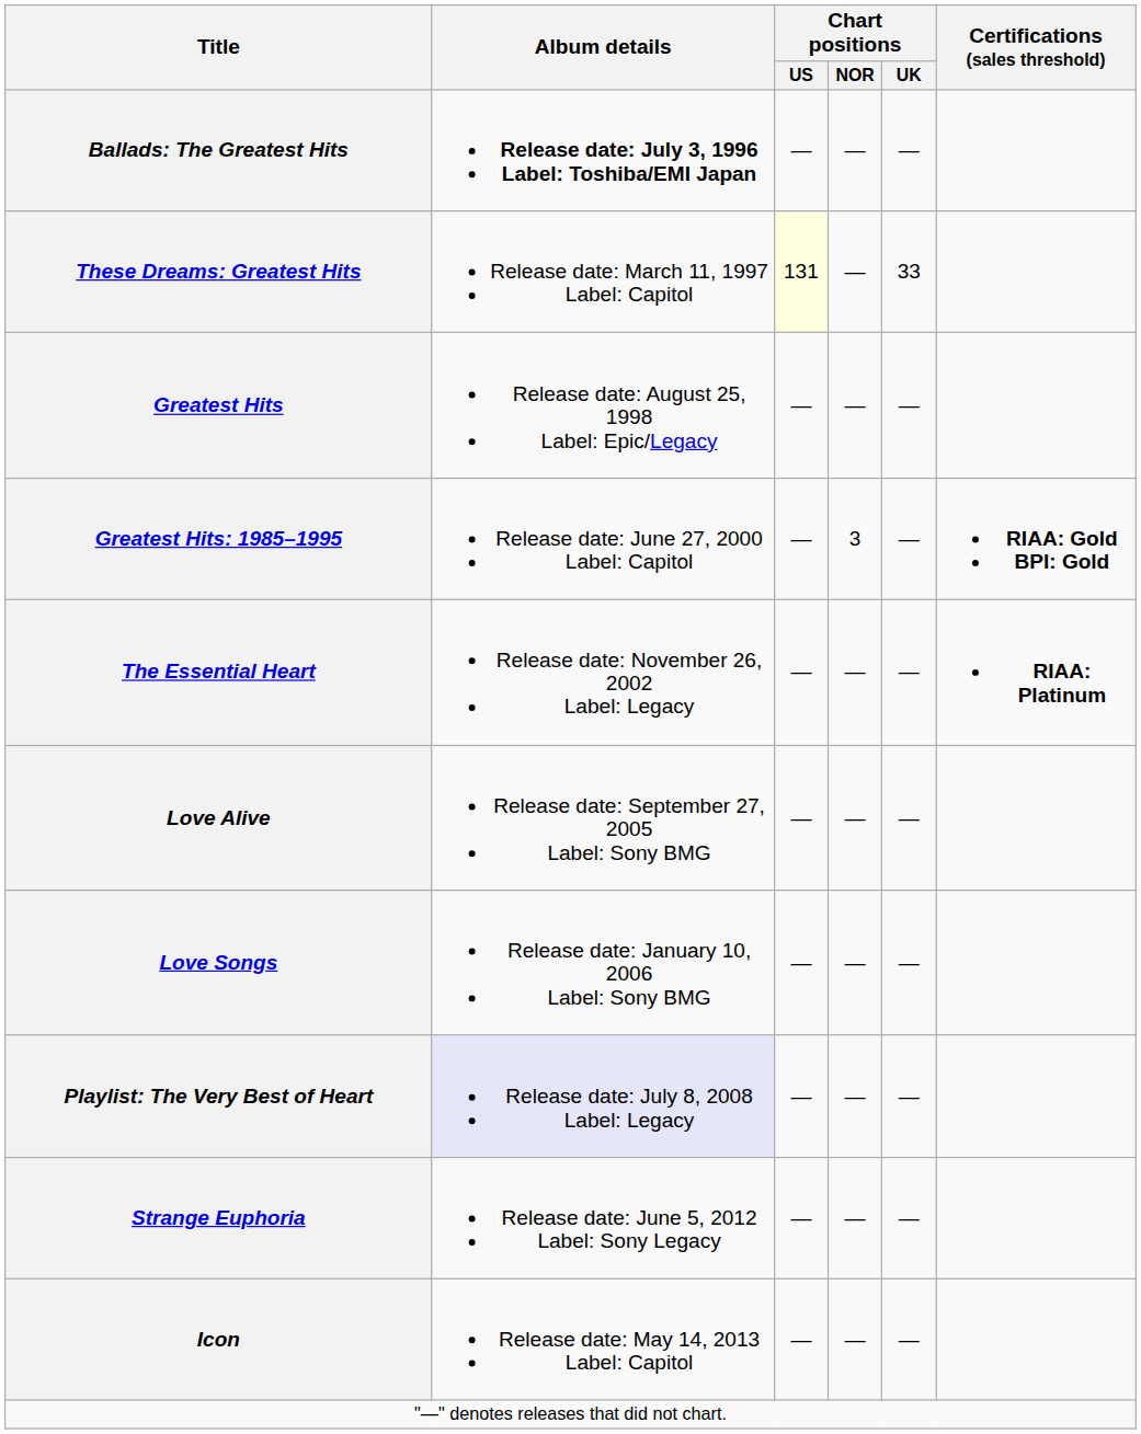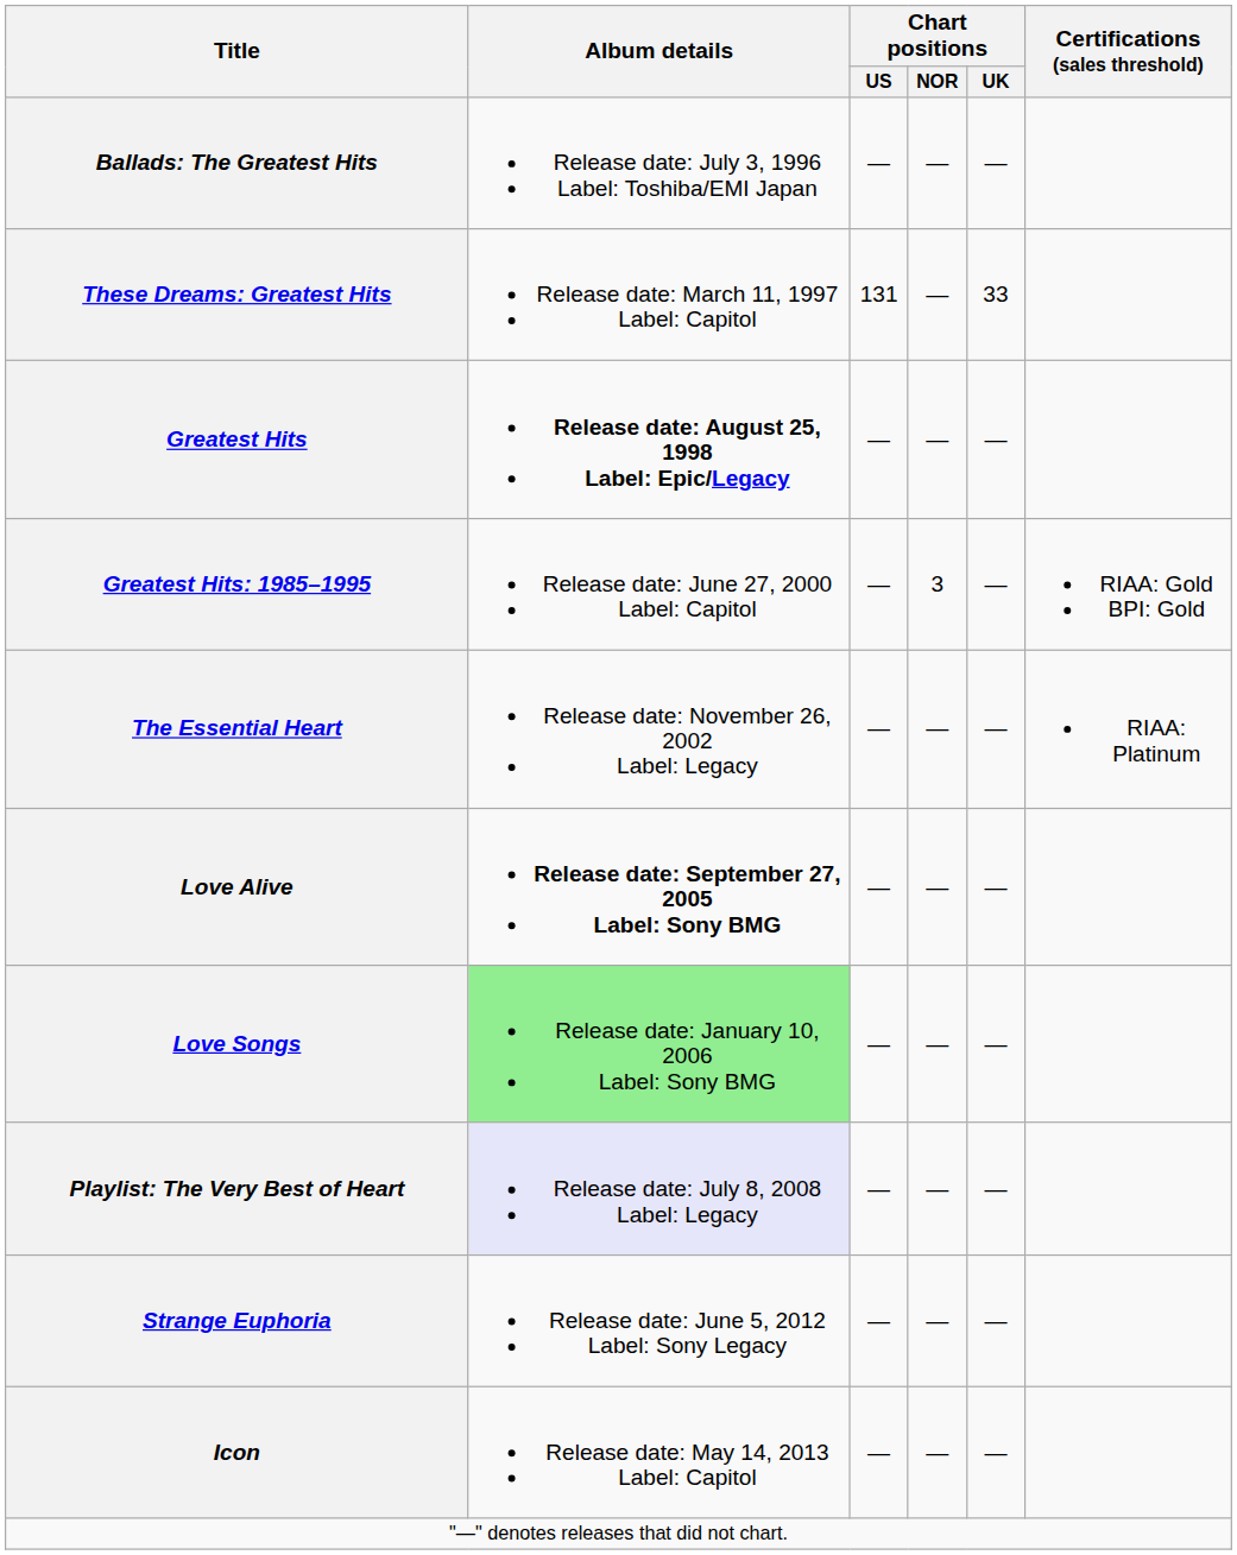 <table class="wikitable plainrowheaders" style="text-align:center;">
 <tr>
 <th scope="col" rowspan="2"  style="width:20em;">Title</th>
 <th scope="col" rowspan="2">Album details</th>
 <th scope="col" colspan="3">Chart positions</th>
 <th scope="col" rowspan="2">Certifications<br><small>(sales threshold)</small></th>
 </tr>
 <tr style="font-size:smaller;">
 <th width="35">US<br></th>
 <th width="35">NOR<br></th>
 <th width="35">UK<br></th>
 </tr>
 <tr>
 <th scope="row"><em>Ballads: The Greatest Hits</em></th>
-<td><strong><br><ul><li>Release date: July 3, 1996</li><li>Label: Toshiba/EMI Japan</li></ul></strong></td>
+<td><br><ul><li>Release date: July 3, 1996</li><li>Label: Toshiba/EMI Japan</li></ul></td>
 <td>—</td>
 <td>—</td>
 <td>—</td>
 <td></td>
 </tr>
 <tr>
 <th scope="row"><em><a href='#'>These Dreams: Greatest Hits</a></em></th>
 <td><br><ul><li>Release date: March 11, 1997</li><li>Label: Capitol</li></ul></td>
-<td style="background: lightyellow;">131</td>
+<td>131</td>
 <td>—</td>
 <td>33</td>
 <td></td>
 </tr>
 <tr>
 <th scope="row"><em><a href='#'>Greatest Hits</a></em></th>
-<td><br><ul><li>Release date: August 25, 1998</li><li>Label: Epic/<a href='#'>Legacy</a></li></ul></td>
+<td><strong><br><ul><li>Release date: August 25, 1998</li><li>Label: Epic/<a href='#'>Legacy</a></li></ul></strong></td>
 <td>—</td>
 <td>—</td>
 <td>—</td>
 <td></td>
 </tr>
 <tr>
 <th scope="row"><em><a href='#'>Greatest Hits: 1985–1995</a></em></th>
 <td><br><ul><li>Release date: June 27, 2000</li><li>Label: Capitol</li></ul></td>
 <td>—</td>
 <td>3</td>
 <td>—</td>
-<td><strong><br><ul><li>RIAA: Gold</li><li>BPI: Gold</li></ul></strong></td>
+<td><br><ul><li>RIAA: Gold</li><li>BPI: Gold</li></ul></td>
 </tr>
 <tr>
 <th scope="row"><em><a href='#'>The Essential Heart</a></em></th>
 <td><br><ul><li>Release date: November 26, 2002</li><li>Label: Legacy</li></ul></td>
 <td>—</td>
 <td>—</td>
 <td>—</td>
-<td><strong><br><ul><li>RIAA: Platinum</li></ul></strong></td>
+<td><br><ul><li>RIAA: Platinum</li></ul></td>
 </tr>
 <tr>
 <th scope="row"><em>Love Alive</em></th>
-<td><br><ul><li>Release date: September 27, 2005</li><li>Label: Sony BMG</li></ul></td>
+<td><strong><br><ul><li>Release date: September 27, 2005</li><li>Label: Sony BMG</li></ul></strong></td>
 <td>—</td>
 <td>—</td>
 <td>—</td>
 <td></td>
 </tr>
 <tr>
 <th scope="row"><em><a href='#'>Love Songs</a></em></th>
-<td><br><ul><li>Release date: January 10, 2006</li><li>Label: Sony BMG</li></ul></td>
+<td style="background: lightgreen;"><br><ul><li>Release date: January 10, 2006</li><li>Label: Sony BMG</li></ul></td>
 <td>—</td>
 <td>—</td>
 <td>—</td>
 <td></td>
 </tr>
 <tr>
 <th scope="row"><em>Playlist: The Very Best of Heart</em></th>
 <td style="background: lavender;"><br><ul><li>Release date: July 8, 2008</li><li>Label: Legacy</li></ul></td>
 <td>—</td>
 <td>—</td>
 <td>—</td>
 <td></td>
 </tr>
 <tr>
 <th scope="row"><em><a href='#'>Strange Euphoria</a></em></th>
 <td><br><ul><li>Release date: June 5, 2012</li><li>Label: Sony Legacy</li></ul></td>
 <td>—</td>
 <td>—</td>
 <td>—</td>
 <td></td>
 </tr>
 <tr>
 <th scope="row"><em>Icon</em></th>
 <td><br><ul><li>Release date: May 14, 2013</li><li>Label: Capitol</li></ul></td>
 <td>—</td>
 <td>—</td>
 <td>—</td>
 <td></td>
 </tr>
 <tr>
 <td colspan="10" style="font-size:85%">"—" denotes releases that did not chart.</td>
 </tr>
 </table>
